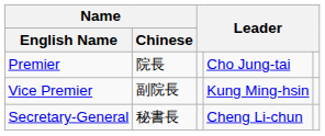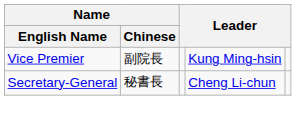 <table class="wikitable sortable">
 <tr>
 <th colspan="2">Name</th>
 <th colspan="3" rowspan="2">Leader</th>
 </tr>
 <tr>
 <th>English Name</th>
 <th>Chinese</th>
-</tr>
-<tr>
-<td><a href='#'>Premier</a></td>
-<td>院長</td>
-<td style="background:"></td>
-<td><a href='#'>Cho Jung-tai</a></td>
-<td></td>
 </tr>
 <tr>
 <td><a href='#'>Vice Premier</a></td>
 <td>副院長</td>
 <td style="background:"></td>
 <td><a href='#'>Kung Ming-hsin</a></td>
 <td></td>
 </tr>
 <tr>
 <td><a href='#'>Secretary-General</a></td>
 <td>秘書長</td>
 <td style="background:"></td>
 <td><a href='#'>Cheng Li-chun</a></td>
 <td></td>
 </tr>
 </table>
